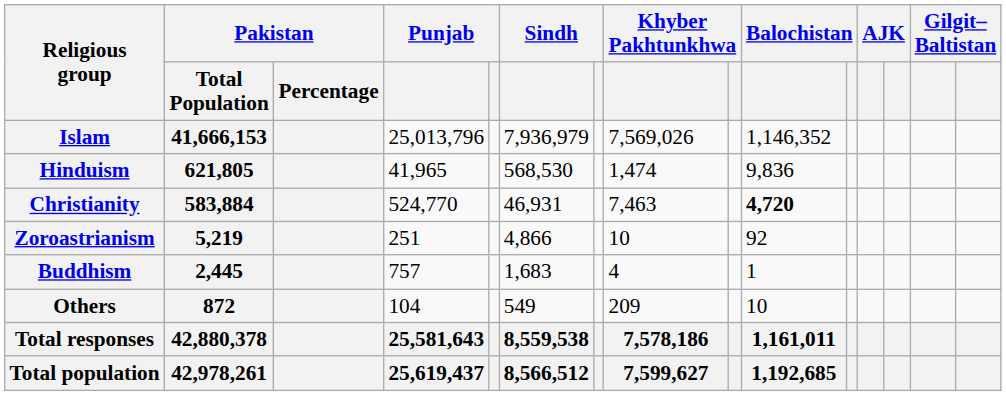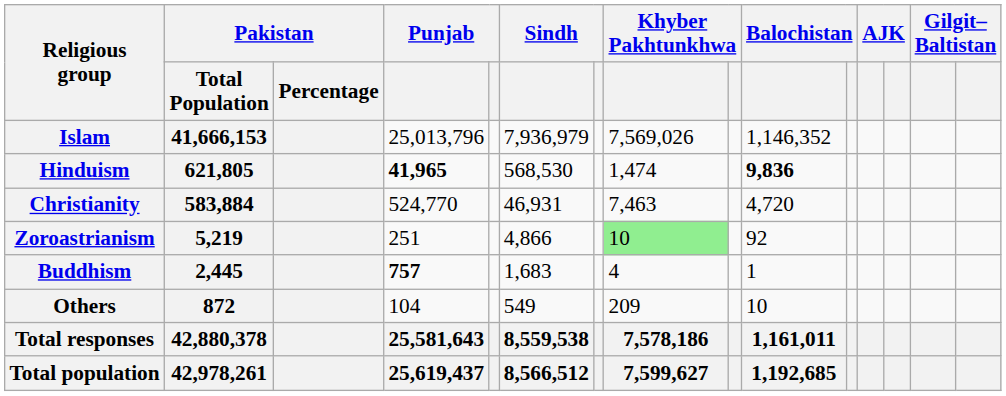 <table class="wikitable sortable">
 <tr>
 <th rowspan="2">Religious<br>group</th>
 <th colspan="2"><a href='#'>Pakistan</a></th>
 <th colspan="2"><a href='#'>Punjab</a></th>
 <th colspan="2"><a href='#'>Sindh</a></th>
 <th colspan="2"><a href='#'>Khyber<br>Pakhtunkhwa</a></th>
 <th colspan="2"><a href='#'>Balochistan</a></th>
 <th colspan="2"><a href='#'>AJK</a></th>
 <th colspan="2"><a href='#'>Gilgit–<br>Baltistan</a></th>
 </tr>
 <tr>
 <th>Total<br>Population</th>
 <th>Percentage</th>
 <th><a href='#'></a></th>
 <th></th>
 <th></th>
 <th></th>
 <th></th>
 <th></th>
 <th></th>
 <th></th>
 <th></th>
 <th></th>
 <th></th>
 <th></th>
 </tr>
 <tr>
 <th><a href='#'>Islam</a> </th>
 <th>41,666,153</th>
 <th></th>
 <td>25,013,796</td>
 <td></td>
 <td>7,936,979</td>
 <td></td>
 <td>7,569,026</td>
 <td></td>
 <td>1,146,352</td>
 <td></td>
 <td></td>
 <td></td>
 <td></td>
 <td></td>
 </tr>
 <tr>
 <th><a href='#'>Hinduism</a> </th>
 <th>621,805</th>
 <th></th>
-<td>41,965</td>
+<td><strong>41,965</strong></td>
 <td></td>
 <td>568,530</td>
 <td></td>
 <td>1,474</td>
 <td></td>
-<td>9,836</td>
+<td><strong>9,836</strong></td>
 <td></td>
 <td></td>
 <td></td>
 <td></td>
 <td></td>
 </tr>
 <tr>
 <th><a href='#'>Christianity</a> </th>
 <th>583,884</th>
 <th></th>
 <td>524,770</td>
 <td></td>
 <td>46,931</td>
 <td></td>
 <td>7,463</td>
 <td></td>
-<td><strong>4,720</strong></td>
+<td>4,720</td>
 <td></td>
 <td></td>
 <td></td>
 <td></td>
 <td></td>
 </tr>
 <tr>
 <th><a href='#'>Zoroastrianism</a> </th>
 <th>5,219</th>
 <th></th>
 <td>251</td>
 <td></td>
 <td>4,866</td>
 <td></td>
-<td>10</td>
+<td style="background: lightgreen;">10</td>
 <td></td>
 <td>92</td>
 <td></td>
 <td></td>
 <td></td>
 <td></td>
 <td></td>
 </tr>
 <tr>
 <th><a href='#'>Buddhism</a> </th>
 <th>2,445</th>
 <th></th>
-<td>757</td>
+<td><strong>757</strong></td>
 <td></td>
 <td>1,683</td>
 <td></td>
 <td>4</td>
 <td></td>
 <td>1</td>
 <td></td>
 <td></td>
 <td></td>
 <td></td>
 <td></td>
 </tr>
 <tr>
 <th>Others</th>
 <th>872</th>
 <th></th>
 <td>104</td>
 <td></td>
 <td>549</td>
 <td></td>
 <td>209</td>
 <td></td>
 <td>10</td>
 <td></td>
 <td></td>
 <td></td>
 <td></td>
 <td></td>
 </tr>
 <tr>
 <th>Total responses</th>
 <th>42,880,378</th>
 <th></th>
 <th>25,581,643</th>
 <th></th>
 <th>8,559,538</th>
 <th></th>
 <th>7,578,186</th>
 <th></th>
 <th>1,161,011</th>
 <th></th>
 <th></th>
 <th></th>
 <th></th>
 <th></th>
 </tr>
 <tr>
 <th>Total population</th>
 <th>42,978,261</th>
 <th></th>
 <th>25,619,437</th>
 <th></th>
 <th>8,566,512</th>
 <th></th>
 <th>7,599,627</th>
 <th></th>
 <th>1,192,685</th>
 <th></th>
 <th></th>
 <th></th>
 <th></th>
 <th></th>
 </tr>
 </table>
